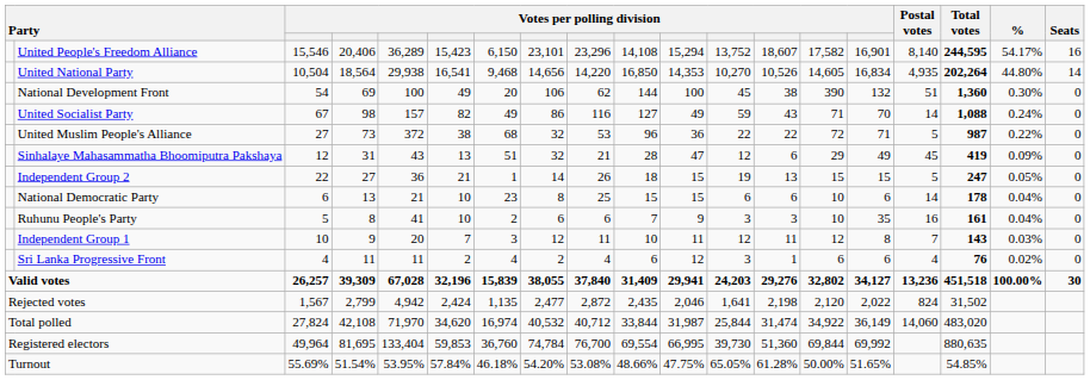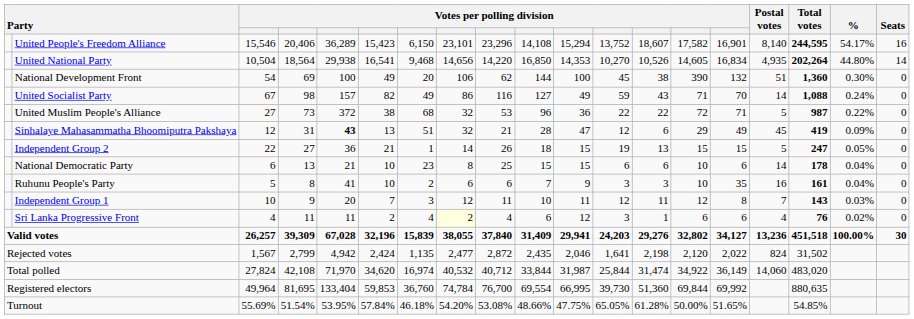 <table class="wikitable" border="1" style="text-align:right;">
 <tr>
 <th style="text-align:left; vertical-align:bottom;" rowspan="2" colspan="2">Party</th>
 <th colspan=13>Votes per polling division</th>
 <th rowspan="2" style="vertical-align:bottom; text-align:center; width:50px;">Postal<br>votes</th>
 <th rowspan="2" style="vertical-align:bottom; text-align:center; width:50px;">Total votes</th>
 <th rowspan="2" style="vertical-align:bottom; text-align:center; width:50px;">%</th>
 <th rowspan="2" style="vertical-align:bottom; text-align:center; width:40px;">Seats</th>
 </tr>
 <tr>
 <th></th>
 <th></th>
 <th></th>
 <th></th>
 <th></th>
 <th></th>
 <th></th>
 <th></th>
 <th></th>
 <th></th>
 <th></th>
 <th></th>
 <th></th>
 </tr>
 <tr>
 <td bgcolor=> </td>
 <td align=left><a href='#'>United People's Freedom Alliance</a></td>
 <td>15,546</td>
 <td>20,406</td>
 <td>36,289</td>
 <td>15,423</td>
 <td>6,150</td>
 <td>23,101</td>
 <td>23,296</td>
 <td>14,108</td>
 <td>15,294</td>
 <td>13,752</td>
 <td>18,607</td>
 <td>17,582</td>
 <td>16,901</td>
 <td>8,140</td>
 <td><strong>244,595</strong></td>
 <td>54.17%</td>
 <td>16</td>
 </tr>
 <tr>
 <td bgcolor=> </td>
 <td align=left><a href='#'>United National Party</a></td>
 <td>10,504</td>
 <td>18,564</td>
 <td>29,938</td>
 <td>16,541</td>
 <td>9,468</td>
 <td>14,656</td>
 <td>14,220</td>
 <td>16,850</td>
 <td>14,353</td>
 <td>10,270</td>
 <td>10,526</td>
 <td>14,605</td>
 <td>16,834</td>
 <td>4,935</td>
 <td><strong>202,264</strong></td>
 <td>44.80%</td>
 <td>14</td>
 </tr>
 <tr>
 <td bgcolor=> </td>
 <td align=left>National Development Front</td>
 <td>54</td>
 <td>69</td>
 <td>100</td>
 <td>49</td>
 <td>20</td>
 <td>106</td>
 <td>62</td>
 <td>144</td>
 <td>100</td>
 <td>45</td>
 <td>38</td>
 <td>390</td>
 <td>132</td>
 <td>51</td>
 <td><strong>1,360</strong></td>
 <td>0.30%</td>
 <td>0</td>
 </tr>
 <tr>
 <td bgcolor=> </td>
 <td align=left><a href='#'>United Socialist Party</a></td>
 <td>67</td>
 <td>98</td>
 <td>157</td>
 <td>82</td>
 <td>49</td>
 <td>86</td>
 <td>116</td>
 <td>127</td>
 <td>49</td>
 <td>59</td>
 <td>43</td>
 <td>71</td>
 <td>70</td>
 <td>14</td>
 <td><strong>1,088</strong></td>
 <td>0.24%</td>
 <td>0</td>
 </tr>
 <tr>
 <td bgcolor=> </td>
 <td align=left>United Muslim People's Alliance</td>
 <td>27</td>
 <td>73</td>
 <td>372</td>
 <td>38</td>
 <td>68</td>
 <td>32</td>
 <td>53</td>
 <td>96</td>
 <td>36</td>
 <td>22</td>
 <td>22</td>
 <td>72</td>
 <td>71</td>
 <td>5</td>
 <td><strong>987</strong></td>
 <td>0.22%</td>
 <td>0</td>
 </tr>
 <tr>
 <td bgcolor=> </td>
 <td align=left><a href='#'>Sinhalaye Mahasammatha Bhoomiputra Pakshaya</a></td>
 <td>12</td>
 <td>31</td>
-<td>43</td>
+<td><strong>43</strong></td>
 <td>13</td>
 <td>51</td>
 <td>32</td>
 <td>21</td>
 <td>28</td>
 <td>47</td>
 <td>12</td>
 <td>6</td>
 <td>29</td>
 <td>49</td>
 <td>45</td>
 <td><strong>419</strong></td>
 <td>0.09%</td>
 <td>0</td>
 </tr>
 <tr>
 <td bgcolor=> </td>
 <td align=left><a href='#'>Independent Group 2</a></td>
 <td>22</td>
 <td>27</td>
 <td>36</td>
 <td>21</td>
 <td>1</td>
 <td>14</td>
 <td>26</td>
 <td>18</td>
 <td>15</td>
 <td>19</td>
 <td>13</td>
 <td>15</td>
 <td>15</td>
 <td>5</td>
 <td><strong>247</strong></td>
 <td>0.05%</td>
 <td>0</td>
 </tr>
 <tr>
 <td bgcolor=> </td>
 <td align=left>National Democratic Party</td>
 <td>6</td>
 <td>13</td>
 <td>21</td>
 <td>10</td>
 <td>23</td>
 <td>8</td>
 <td>25</td>
 <td>15</td>
 <td>15</td>
 <td>6</td>
 <td>6</td>
 <td>10</td>
 <td>6</td>
 <td>14</td>
 <td><strong>178</strong></td>
 <td>0.04%</td>
 <td>0</td>
 </tr>
 <tr>
 <td bgcolor=> </td>
 <td align=left>Ruhunu People's Party</td>
 <td>5</td>
 <td>8</td>
 <td>41</td>
 <td>10</td>
 <td>2</td>
 <td>6</td>
 <td>6</td>
 <td>7</td>
 <td>9</td>
 <td>3</td>
 <td>3</td>
 <td>10</td>
 <td>35</td>
 <td>16</td>
 <td><strong>161</strong></td>
 <td>0.04%</td>
 <td>0</td>
 </tr>
 <tr>
 <td bgcolor=> </td>
 <td align=left><a href='#'>Independent Group 1</a></td>
 <td>10</td>
 <td>9</td>
 <td>20</td>
 <td>7</td>
 <td>3</td>
 <td>12</td>
 <td>11</td>
 <td>10</td>
 <td>11</td>
 <td>12</td>
 <td>11</td>
 <td>12</td>
 <td>8</td>
 <td>7</td>
 <td><strong>143</strong></td>
 <td>0.03%</td>
 <td>0</td>
 </tr>
 <tr>
 <td bgcolor=> </td>
 <td align=left><a href='#'>Sri Lanka Progressive Front</a></td>
 <td>4</td>
 <td>11</td>
 <td>11</td>
 <td>2</td>
 <td>4</td>
-<td>2</td>
+<td style="background: lightyellow;">2</td>
 <td>4</td>
 <td>6</td>
 <td>12</td>
 <td>3</td>
 <td>1</td>
 <td>6</td>
 <td>6</td>
 <td>4</td>
 <td><strong>76</strong></td>
 <td>0.02%</td>
 <td>0</td>
 </tr>
 <tr>
 <td align=left colspan=2><strong>Valid votes</strong></td>
 <td><strong>26,257</strong></td>
 <td><strong>39,309</strong></td>
 <td><strong>67,028</strong></td>
 <td><strong>32,196</strong></td>
 <td><strong>15,839</strong></td>
 <td><strong>38,055</strong></td>
 <td><strong>37,840</strong></td>
 <td><strong>31,409</strong></td>
 <td><strong>29,941</strong></td>
 <td><strong>24,203</strong></td>
 <td><strong>29,276</strong></td>
 <td><strong>32,802</strong></td>
 <td><strong>34,127</strong></td>
 <td><strong>13,236</strong></td>
 <td><strong>451,518</strong></td>
 <td><strong>100.00%</strong></td>
 <td><strong>30</strong></td>
 </tr>
 <tr>
 <td align=left colspan=2>Rejected votes</td>
 <td>1,567</td>
 <td>2,799</td>
 <td>4,942</td>
 <td>2,424</td>
 <td>1,135</td>
 <td>2,477</td>
 <td>2,872</td>
 <td>2,435</td>
 <td>2,046</td>
 <td>1,641</td>
 <td>2,198</td>
 <td>2,120</td>
 <td>2,022</td>
 <td>824</td>
 <td>31,502</td>
 <td></td>
 <td></td>
 </tr>
 <tr>
 <td align=left colspan=2>Total polled</td>
 <td>27,824</td>
 <td>42,108</td>
 <td>71,970</td>
 <td>34,620</td>
 <td>16,974</td>
 <td>40,532</td>
 <td>40,712</td>
 <td>33,844</td>
 <td>31,987</td>
 <td>25,844</td>
 <td>31,474</td>
 <td>34,922</td>
 <td>36,149</td>
 <td>14,060</td>
 <td>483,020</td>
 <td></td>
 <td></td>
 </tr>
 <tr>
 <td align=left colspan=2>Registered electors</td>
 <td>49,964</td>
 <td>81,695</td>
 <td>133,404</td>
 <td>59,853</td>
 <td>36,760</td>
 <td>74,784</td>
 <td>76,700</td>
 <td>69,554</td>
 <td>66,995</td>
 <td>39,730</td>
 <td>51,360</td>
 <td>69,844</td>
 <td>69,992</td>
 <td></td>
 <td>880,635</td>
 <td></td>
 <td></td>
 </tr>
 <tr>
 <td align=left colspan=2>Turnout</td>
 <td>55.69%</td>
 <td>51.54%</td>
 <td>53.95%</td>
 <td>57.84%</td>
 <td>46.18%</td>
 <td>54.20%</td>
 <td>53.08%</td>
 <td>48.66%</td>
 <td>47.75%</td>
 <td>65.05%</td>
 <td>61.28%</td>
 <td>50.00%</td>
 <td>51.65%</td>
 <td></td>
 <td>54.85%</td>
 <td></td>
 <td></td>
 </tr>
 </table>
